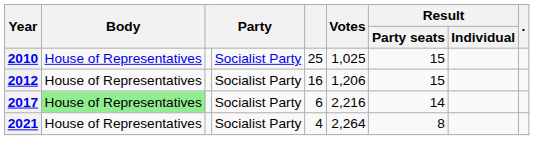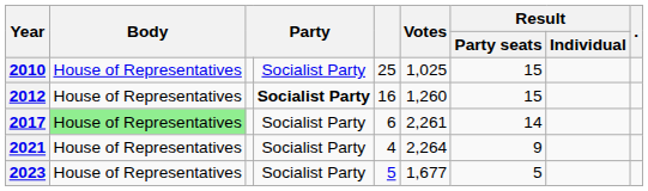 <table class="wikitable plainrowheaders sortable" border=2 cellpadding=4 cellspacing=0 style="border: 1px #aaa solid; font-size: 90%; text-align:center;">
 <tr>
 <th scope="col" rowspan=2>Year</th>
 <th scope="col" rowspan=2>Body</th>
 <th scope="col" colspan=2 rowspan=2>Party</th>
 <th scope="col" rowspan=2></th>
 <th scope="col" rowspan=2>Votes</th>
 <th scope="colgroup" colspan=2>Result</th>
 <th scope="col" rowspan=2 class="unsortable">.</th>
 </tr>
 <tr>
 <th scope="col">Party seats</th>
 <th scope="col">Individual</th>
 </tr>
 <tr>
 <th scope="row"><a href='#'>2010</a></th>
 <td><a href='#'>House of Representatives</a></td>
 <td style="background-color:"></td>
 <td><a href='#'>Socialist Party</a></td>
 <td style=text-align:right>25</td>
 <td style=text-align:right>1,025</td>
 <td style=text-align:right>15</td>
 <td></td>
 <td></td>
 </tr>
 <tr>
 <th scope="row"><a href='#'>2012</a></th>
 <td>House of Representatives</td>
 <td style="background-color:"></td>
-<td>Socialist Party</td>
+<td><strong>Socialist Party</strong></td>
 <td style=text-align:right>16</td>
-<td style=text-align:right>1,206</td>
+<td style=text-align:right>1,260</td>
 <td style=text-align:right>15</td>
 <td></td>
 <td></td>
 </tr>
 <tr>
 <th scope="row"><a href='#'>2017</a></th>
 <td style="background: lightgreen;">House of Representatives</td>
 <td style="background-color:"></td>
 <td>Socialist Party</td>
 <td style=text-align:right>6</td>
-<td style=text-align:right>2,216</td>
+<td style=text-align:right>2,261</td>
 <td style=text-align:right>14</td>
 <td></td>
 <td></td>
 </tr>
 <tr>
 <th scope="row"><a href='#'>2021</a></th>
 <td>House of Representatives</td>
 <td style="background-color:"></td>
 <td>Socialist Party</td>
 <td style=text-align:right>4</td>
 <td style=text-align:right>2,264</td>
-<td style=text-align:right>8</td>
+<td style=text-align:right>9</td>
+<td></td>
+<td></td>
+</tr>
+<tr>
+<th scope="row"><a href='#'>2023</a></th>
+<td>House of Representatives</td>
+<td style="background-color:"></td>
+<td>Socialist Party</td>
+<td style=text-align:right><a href='#'>5</a></td>
+<td style=text-align:right>1,677</td>
+<td style=text-align:right>5</td>
 <td></td>
 <td></td>
 </tr>
 </table>
